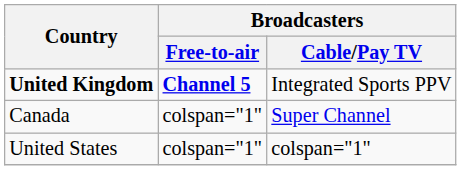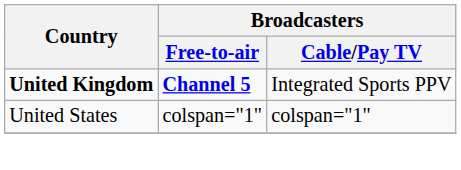 <table class="wikitable">
 <tr>
 <th rowspan="2">Country</th>
 <th colspan="2">Broadcasters</th>
 </tr>
 <tr>
 <th><a href='#'>Free-to-air</a></th>
 <th><a href='#'>Cable</a>/<a href='#'>Pay TV</a></th>
 </tr>
 <tr>
 <td><strong>United Kingdom</strong></td>
 <td><strong><a href='#'>Channel 5</a></strong></td>
 <td>Integrated Sports PPV</td>
 </tr>
 <tr>
-<td>Canada</td>
-<td>colspan="1" </td>
-<td><a href='#'>Super Channel</a></td>
-</tr>
-<tr>
 <td>United States</td>
 <td>colspan="1" </td>
 <td>colspan="1" </td>
 </tr>
 <tr>
 </tr>
 </table>
